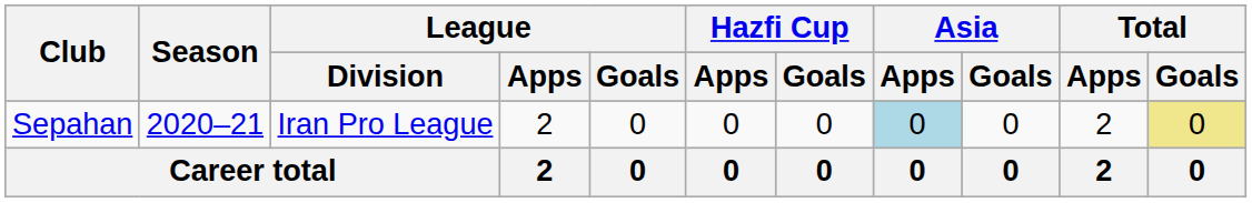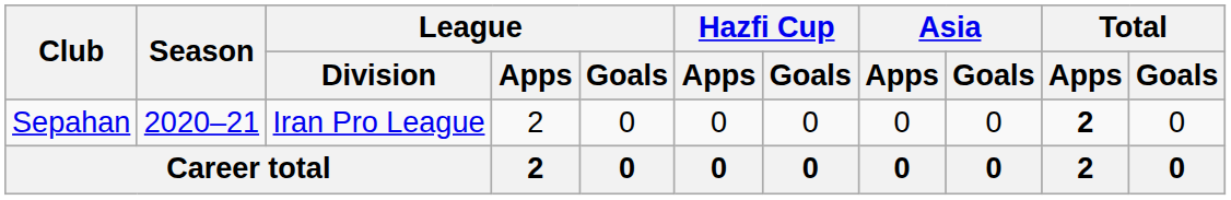 <table class="wikitable" style="text-align:center">
 <tr>
 <th rowspan="2">Club</th>
 <th rowspan="2">Season</th>
 <th colspan="3">League</th>
 <th colspan="2"><a href='#'>Hazfi Cup</a></th>
 <th colspan="2"><a href='#'>Asia</a></th>
 <th colspan="2">Total</th>
 </tr>
 <tr>
 <th>Division</th>
 <th>Apps</th>
 <th>Goals</th>
 <th>Apps</th>
 <th>Goals</th>
 <th>Apps</th>
 <th>Goals</th>
 <th>Apps</th>
 <th>Goals</th>
 </tr>
 <tr>
 <td><a href='#'>Sepahan</a></td>
 <td><a href='#'>2020–21</a></td>
 <td><a href='#'>Iran Pro League</a></td>
 <td>2</td>
 <td>0</td>
 <td>0</td>
 <td>0</td>
-<td style="background: lightblue;">0</td>
 <td>0</td>
-<td>2</td>
-<td style="background: khaki;">0</td>
+<td>0</td>
+<td><strong>2</strong></td>
+<td>0</td>
 </tr>
 <tr>
 <th colspan="3">Career total</th>
 <th>2</th>
 <th>0</th>
 <th>0</th>
 <th>0</th>
 <th>0</th>
 <th>0</th>
 <th>2</th>
 <th>0</th>
 </tr>
 </table>
